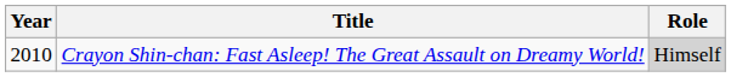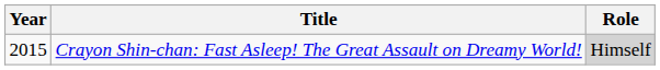 <table class="wikitable">
 <tr>
 <th>Year</th>
 <th>Title</th>
 <th>Role</th>
 </tr>
 <tr>
-<td>2010</td>
+<td>2015</td>
 <td><em><a href='#'>Crayon Shin-chan: Fast Asleep! The Great Assault on Dreamy World!</a></em></td>
 <td style="background: lightgrey;">Himself</td>
 </tr>
 </table>
